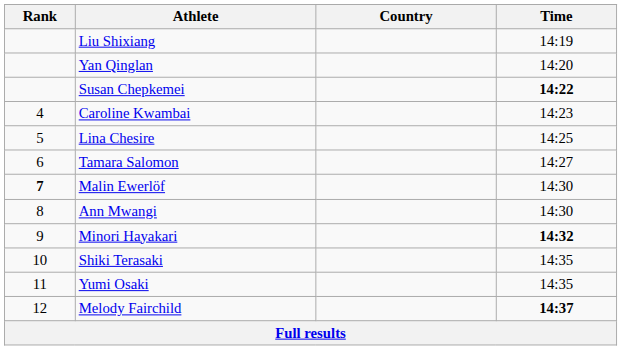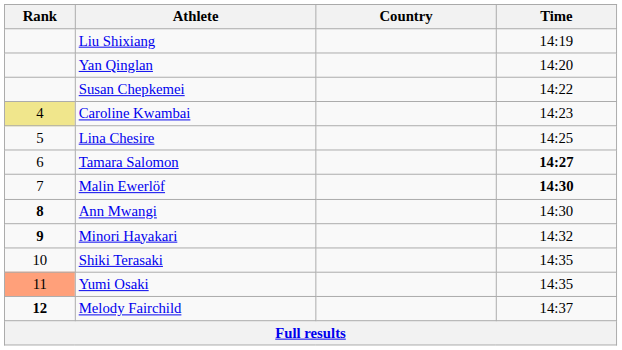 <table class="wikitable sortable" style=" text-align:center; font-size:95%;" width="50%">
 <tr>
 </tr>
 <tr>
 <th width=5%>Rank</th>
 <th width=20%>Athlete</th>
 <th width=15%>Country</th>
 <th width=10%>Time</th>
 </tr>
 <tr>
 <td align=center></td>
 <td align=left><a href='#'>Liu Shixiang</a></td>
 <td align=left></td>
 <td>14:19</td>
 </tr>
 <tr>
 <td align=center></td>
 <td align=left><a href='#'>Yan Qinglan</a></td>
 <td align=left></td>
 <td>14:20</td>
 </tr>
 <tr>
 <td align=center></td>
 <td align=left><a href='#'>Susan Chepkemei</a></td>
 <td align=left></td>
-<td><strong>14:22</strong></td>
+<td>14:22</td>
 </tr>
 <tr>
-<td align=center>4</td>
+<td align=center style="background: khaki;">4</td>
 <td align=left><a href='#'>Caroline Kwambai</a></td>
 <td align=left></td>
 <td>14:23</td>
 </tr>
 <tr>
 <td align=center>5</td>
 <td align=left><a href='#'>Lina Chesire</a></td>
 <td align=left></td>
 <td>14:25</td>
 </tr>
 <tr>
 <td align=center>6</td>
 <td align=left><a href='#'>Tamara Salomon</a></td>
 <td align=left></td>
-<td>14:27</td>
+<td><strong>14:27</strong></td>
 </tr>
 <tr>
-<td align=center><strong>7</strong></td>
+<td align=center>7</td>
 <td align=left><a href='#'>Malin Ewerlöf</a></td>
 <td align=left></td>
-<td>14:30</td>
+<td><strong>14:30</strong></td>
 </tr>
 <tr>
-<td align=center>8</td>
+<td align=center><strong>8</strong></td>
 <td align=left><a href='#'>Ann Mwangi</a></td>
 <td align=left></td>
 <td>14:30</td>
 </tr>
 <tr>
-<td align=center>9</td>
+<td align=center><strong>9</strong></td>
 <td align=left><a href='#'>Minori Hayakari</a></td>
 <td align=left></td>
-<td><strong>14:32</strong></td>
+<td>14:32</td>
 </tr>
 <tr>
 <td align=center>10</td>
 <td align=left><a href='#'>Shiki Terasaki</a></td>
 <td align=left></td>
 <td>14:35</td>
 </tr>
 <tr>
-<td align=center>11</td>
+<td align=center style="background: lightsalmon;">11</td>
 <td align=left><a href='#'>Yumi Osaki</a></td>
 <td align=left></td>
 <td>14:35</td>
 </tr>
 <tr>
-<td align=center>12</td>
+<td align=center><strong>12</strong></td>
 <td align=left><a href='#'>Melody Fairchild</a></td>
 <td align=left></td>
-<td><strong>14:37</strong></td>
+<td>14:37</td>
 </tr>
 <tr class="sortbottom">
 <th colspan=4 align=center><a href='#'>Full results</a></th>
 </tr>
 </table>
